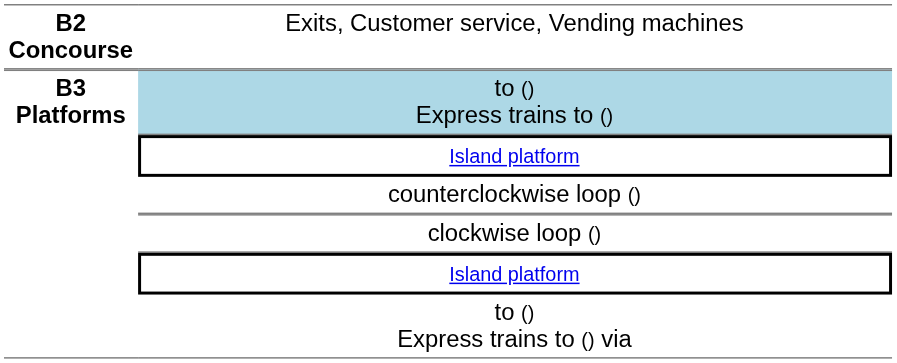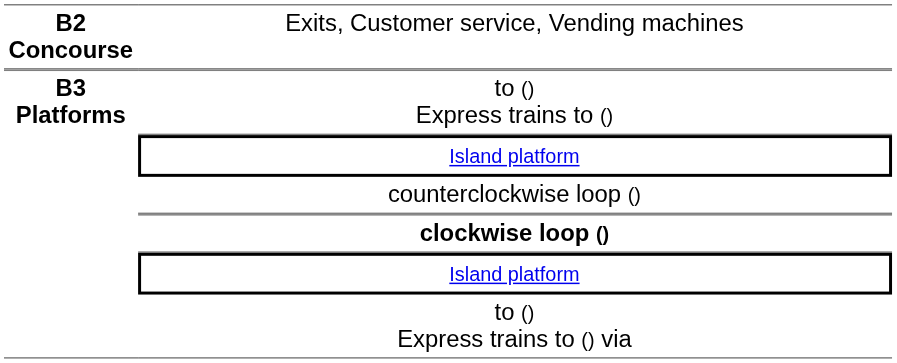 <table border=0 cellspacing=0 cellpadding=3>
 <tr>
 <td style="border-bottom:solid 1px gray; border-top:solid 1px gray;text-align:center" valign=top><strong>B2<br>Concourse</strong></td>
 <td style="border-bottom:solid 1px gray; border-top:solid 1px gray;text-align:center;" valign=top width=500>Exits, Customer service, Vending machines</td>
 </tr>
 <tr>
 <td style="border-bottom:solid 1px gray; border-top:solid 1px gray;text-align:center" rowspan="6" valign=top><strong>B3<br>Platforms</strong></td>
-<td style="background: lightblue; border-bottom:solid 1px gray; border-top:solid 1px gray;text-align:center;">  to  <small>()</small><br>Express trains to  <small>()</small></td>
+<td style="border-bottom:solid 1px gray; border-top:solid 1px gray;text-align:center;">  to  <small>()</small><br>Express trains to  <small>()</small></td>
 </tr>
 <tr>
 <td style="border-right:solid 2px black;border-left:solid 2px black;border-top:solid 2px black;border-bottom:solid 2px black;text-align:center;" colspan=2><small><a href='#'>Island platform</a></small></td>
 </tr>
 <tr>
 <td style="border-bottom:solid 1px gray;text-align:center;">  counterclockwise loop <small>()</small></td>
 </tr>
 <tr>
-<td style="border-bottom:solid 1px gray; border-top:solid 1px gray;text-align:center;"> clockwise loop <small>()</small> </td>
+<td style="border-bottom:solid 1px gray; border-top:solid 1px gray;text-align:center;"><strong> clockwise loop <small>()</small> </strong></td>
 </tr>
 <tr>
 <td style="border-right:solid 2px black;border-left:solid 2px black;border-top:solid 2px black;border-bottom:solid 2px black;text-align:center;" colspan=2><small><a href='#'>Island platform</a></small></td>
 </tr>
 <tr>
 <td style="border-bottom:solid 1px gray;text-align:center;"> to  <small>()</small> <br>Express trains to  <small>()</small> via </td>
 </tr>
 </table>
